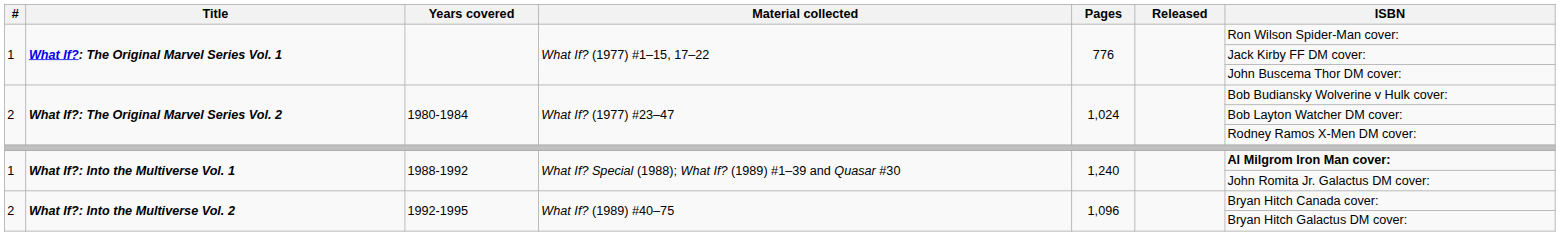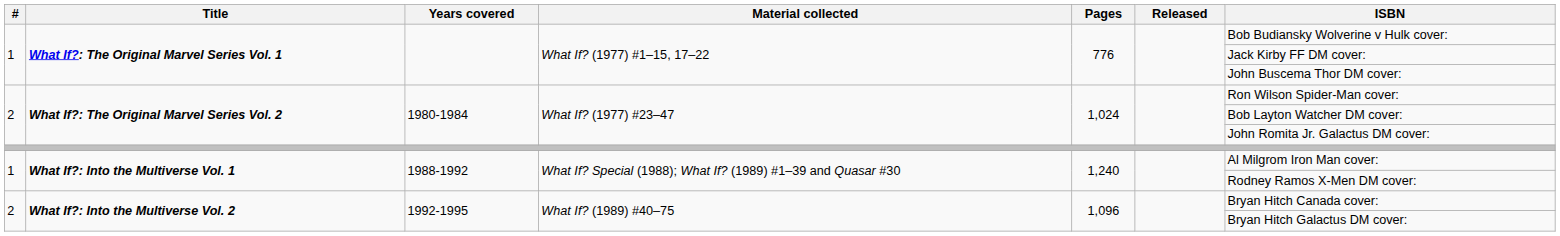 <table class="wikitable sortable" width="99%">
 <tr>
 <th class="unsortable" width="20px">#</th>
 <th>Title</th>
 <th>Years covered</th>
 <th class="unsortable">Material collected</th>
 <th>Pages</th>
 <th>Released</th>
 <th class="unsortable">ISBN</th>
 </tr>
 <tr>
 <td rowspan="3">1</td>
 <td rowspan="3"><strong><em><a href='#'>What If?</a>: The Original Marvel Series Vol. 1</em></strong></td>
 <td rowspan="3"></td>
 <td rowspan="3"><em>What If?</em> (1977) #1–15, 17–22</td>
 <td rowspan="3" style="text-align: center;">776</td>
 <td rowspan="3"></td>
-<td>Ron Wilson Spider-Man cover: </td>
+<td>Bob Budiansky Wolverine v Hulk cover: </td>
 </tr>
 <tr>
 <td>Jack Kirby FF DM cover: </td>
 </tr>
 <tr>
 <td>John Buscema Thor DM cover: </td>
 </tr>
 <tr>
 <td rowspan="3">2</td>
 <td rowspan="3"><strong><em>What If?: The Original Marvel Series Vol. 2</em></strong></td>
 <td rowspan="3">1980-1984</td>
 <td rowspan="3"><em>What If?</em> (1977) #23–47</td>
 <td rowspan="3" style="text-align: center;">1,024</td>
 <td rowspan="3"></td>
-<td>Bob Budiansky Wolverine v Hulk cover: </td>
+<td>Ron Wilson Spider-Man cover: </td>
 </tr>
 <tr>
 <td>Bob Layton Watcher DM cover: </td>
 </tr>
 <tr>
-<td>Rodney Ramos X-Men DM cover: </td>
+<td>John Romita Jr. Galactus DM cover: </td>
 </tr>
 <tr>
 <th colspan="7" style="background-color: silver;"></th>
 </tr>
 <tr>
 <td rowspan="2">1</td>
 <td rowspan="2"><strong><em>What If?: Into the Multiverse Vol. 1</em></strong></td>
 <td rowspan="2">1988-1992</td>
 <td rowspan="2"><em>What If? Special</em> (1988); <em>What If?</em> (1989) #1–39 and <em>Quasar</em> #30</td>
 <td rowspan="2" style="text-align: center;">1,240</td>
 <td rowspan="2"></td>
-<td><strong>Al Milgrom Iron Man cover: </strong></td>
+<td>Al Milgrom Iron Man cover: </td>
 </tr>
 <tr>
-<td>John Romita Jr. Galactus DM cover: </td>
+<td>Rodney Ramos X-Men DM cover: </td>
 </tr>
 <tr>
 <td rowspan="2">2</td>
 <td rowspan="2"><strong><em>What If?: Into the Multiverse Vol. 2</em></strong></td>
 <td rowspan="2">1992-1995</td>
 <td rowspan="2"><em>What If?</em> (1989) #40–75</td>
 <td rowspan="2" style="text-align: center;">1,096</td>
 <td rowspan="2"></td>
 <td>Bryan Hitch Canada cover: </td>
 </tr>
 <tr>
 <td>Bryan Hitch Galactus DM cover: </td>
 </tr>
 </table>
